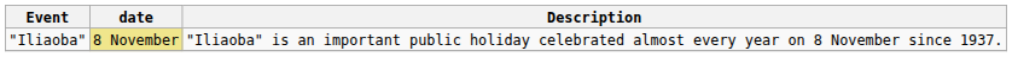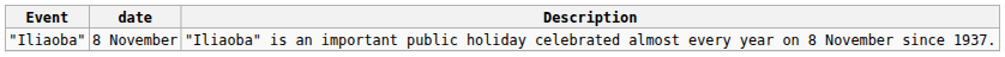 <table class="wikitable">
 <tr>
 <th>Event</th>
 <th>date</th>
 <th>Description</th>
 </tr>
 <tr>
 <td>"Iliaoba"</td>
-<td style="background: khaki;">8 November</td>
+<td>8 November</td>
 <td>"Iliaoba" is an important public holiday celebrated almost every year on 8 November since 1937.</td>
 </tr>
 <tr>
 </tr>
 </table>
